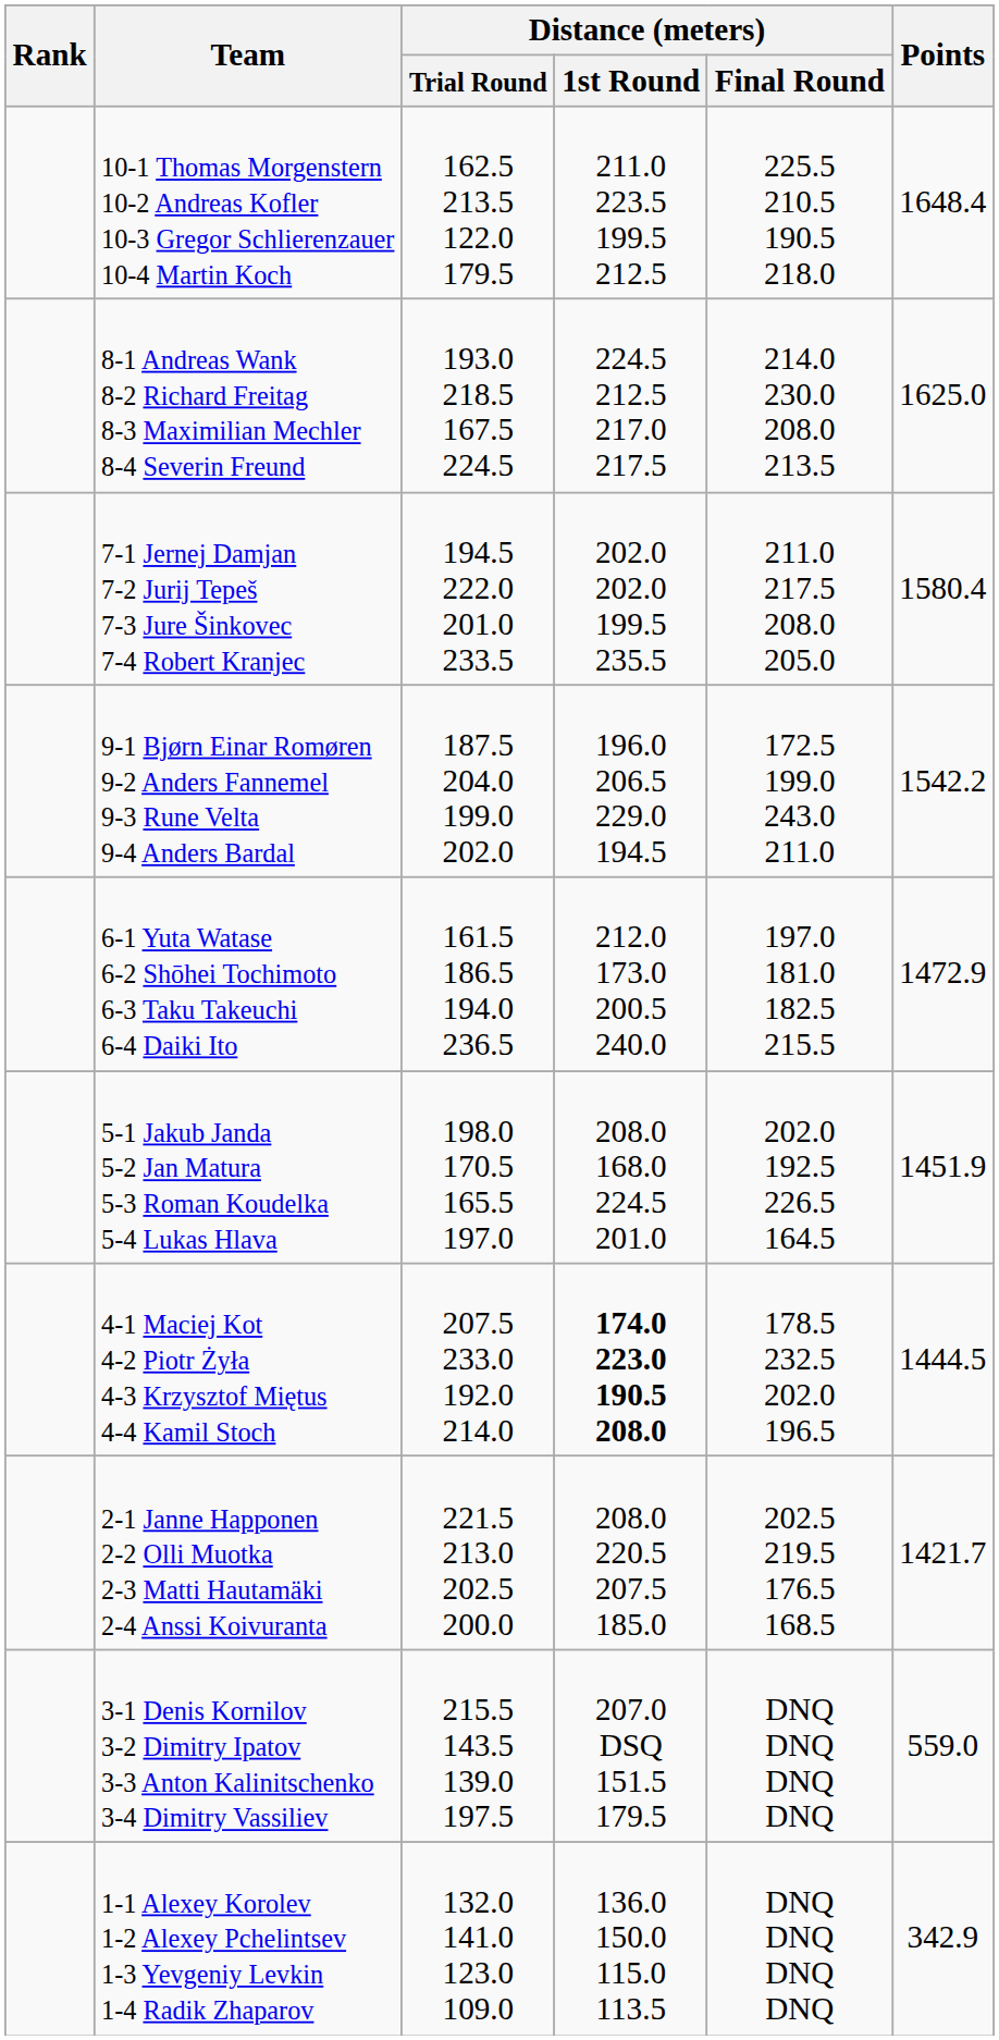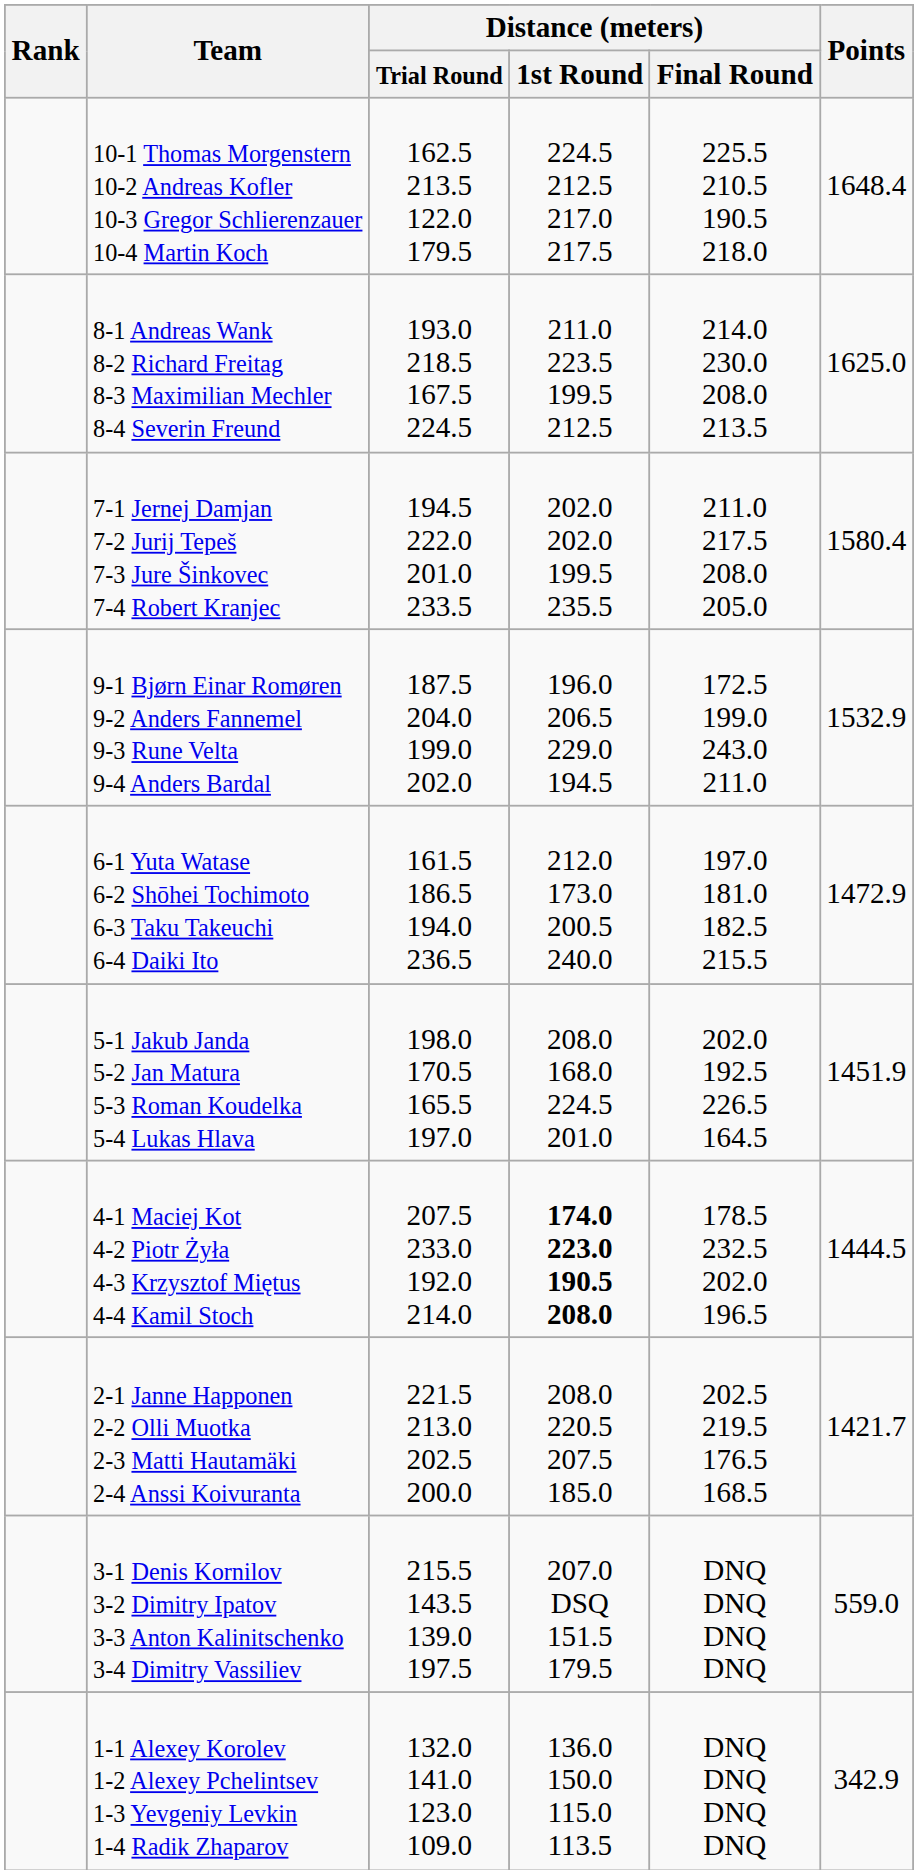 <table class="wikitable sortable" style="text-align:center">
 <tr>
 <th rowspan=2>Rank</th>
 <th rowspan=2>Team</th>
 <th colspan=3>Distance (meters)</th>
 <th rowspan=2>Points <br></th>
 </tr>
 <tr>
 <th><small>Trial Round</small></th>
 <th><strong>1st Round</strong></th>
 <th><strong>Final Round</strong></th>
 </tr>
 <tr>
 <td></td>
 <td align=left><strong></strong><br><small>10-1 <a href='#'>Thomas Morgenstern</a></small><br><small>10-2 <a href='#'>Andreas Kofler</a></small><br><small>10-3 <a href='#'>Gregor Schlierenzauer</a></small><br><small>10-4 <a href='#'>Martin Koch</a></small></td>
 <td align=center><br>162.5<br>213.5<br>122.0<br>179.5</td>
-<td><br>211.0<br>223.5<br>199.5<br>212.5</td>
+<td align=center><br>224.5<br>212.5<br>217.0<br>217.5</td>
 <td align=center><br>225.5<br>210.5<br>190.5<br>218.0</td>
 <td>1648.4</td>
 </tr>
 <tr>
 <td></td>
 <td align=left><strong></strong><br><small>8-1 <a href='#'>Andreas Wank</a></small><br><small>8-2 <a href='#'>Richard Freitag</a></small><br><small>8-3 <a href='#'>Maximilian Mechler</a></small><br><small>8-4 <a href='#'>Severin Freund</a></small></td>
 <td><br>193.0<br>218.5<br>167.5<br>224.5</td>
-<td align=center><br>224.5<br>212.5<br>217.0<br>217.5</td>
+<td><br>211.0<br>223.5<br>199.5<br>212.5</td>
 <td align=center><br>214.0<br>230.0<br>208.0<br>213.5</td>
 <td>1625.0</td>
 </tr>
 <tr>
 <td></td>
 <td align=left><strong></strong><br><small>7-1 <a href='#'>Jernej Damjan</a></small><br><small>7-2 <a href='#'>Jurij Tepeš</a></small><br><small>7-3 <a href='#'>Jure Šinkovec</a></small><br><small>7-4 <a href='#'>Robert Kranjec</a></small></td>
 <td><br>194.5<br>222.0<br>201.0<br>233.5</td>
 <td><br>202.0<br>202.0<br>199.5<br>235.5</td>
 <td align=center><br>211.0<br>217.5<br>208.0<br>205.0</td>
 <td>1580.4</td>
 </tr>
 <tr>
 <td></td>
 <td align=left><strong></strong><br><small>9-1 <a href='#'>Bjørn Einar Romøren</a></small><br><small>9-2 <a href='#'>Anders Fannemel</a></small><br><small>9-3 <a href='#'>Rune Velta</a></small><br><small>9-4 <a href='#'>Anders Bardal</a></small></td>
 <td align=center><br>187.5<br>204.0<br>199.0<br>202.0</td>
 <td align=center><br>196.0<br>206.5<br>229.0<br>194.5</td>
 <td align=center><br>172.5<br>199.0<br>243.0<br>211.0</td>
-<td>1542.2</td>
+<td>1532.9</td>
 </tr>
 <tr>
 <td></td>
 <td align=left><strong></strong><br><small>6-1 <a href='#'>Yuta Watase</a></small><br><small>6-2 <a href='#'>Shōhei Tochimoto</a></small><br><small>6-3 <a href='#'>Taku Takeuchi</a></small><br><small>6-4 <a href='#'>Daiki Ito</a></small></td>
 <td align=center><br>161.5<br>186.5<br>194.0<br>236.5</td>
 <td align=center><br>212.0<br>173.0<br>200.5<br>240.0</td>
 <td align=center><br>197.0<br>181.0<br>182.5<br>215.5</td>
 <td>1472.9</td>
 </tr>
 <tr>
 <td></td>
 <td align=left><strong></strong><br><small>5-1 <a href='#'>Jakub Janda</a></small><br><small>5-2 <a href='#'>Jan Matura</a></small><br><small>5-3 <a href='#'>Roman Koudelka</a></small><br><small>5-4 <a href='#'>Lukas Hlava</a></small></td>
 <td align=center><br>198.0<br>170.5<br>165.5<br>197.0</td>
 <td align=center><br>208.0<br>168.0<br>224.5<br>201.0</td>
 <td align=center><br>202.0<br>192.5<br>226.5<br>164.5</td>
 <td>1451.9</td>
 </tr>
 <tr>
 <td></td>
 <td align=left><strong></strong><br><small>4-1 <a href='#'>Maciej Kot</a></small><br><small>4-2 <a href='#'>Piotr Żyła</a></small><br><small>4-3 <a href='#'>Krzysztof Miętus</a></small><br><small>4-4 <a href='#'>Kamil Stoch</a></small></td>
 <td><br>207.5<br>233.0<br>192.0<br>214.0</td>
 <td align=center><strong><br>174.0<br>223.0<br>190.5<br>208.0</strong></td>
 <td align=center><br>178.5<br>232.5<br>202.0<br>196.5</td>
 <td>1444.5</td>
 </tr>
 <tr>
 <td></td>
 <td align=left><strong></strong><br><small>2-1 <a href='#'>Janne Happonen</a> </small><br><small>2-2 <a href='#'>Olli Muotka</a></small><br><small>2-3 <a href='#'>Matti Hautamäki</a></small><br><small>2-4 <a href='#'>Anssi Koivuranta</a></small></td>
 <td align=center><br>221.5<br>213.0<br>202.5<br>200.0</td>
 <td align=center><br>208.0<br>220.5<br>207.5<br>185.0</td>
 <td align=center><br>202.5<br>219.5<br>176.5<br>168.5</td>
 <td>1421.7</td>
 </tr>
 <tr>
 <td></td>
 <td align=left><strong></strong><br><small>3-1 <a href='#'>Denis Kornilov</a></small><br><small>3-2 <a href='#'>Dimitry Ipatov</a></small><br><small>3-3 <a href='#'>Anton Kalinitschenko</a></small><br><small>3-4 <a href='#'>Dimitry Vassiliev</a></small></td>
 <td><br>215.5<br>143.5<br>139.0<br>197.5</td>
 <td><br>207.0<br>DSQ<br>151.5<br>179.5</td>
 <td align=center><br>DNQ<br>DNQ<br>DNQ<br>DNQ</td>
 <td>559.0</td>
 </tr>
 <tr>
 <td></td>
 <td align=left><strong></strong><br><small>1-1 <a href='#'>Alexey Korolev</a></small><br><small>1-2 <a href='#'>Alexey Pchelintsev</a></small><br><small>1-3 <a href='#'>Yevgeniy Levkin</a></small><br><small>1-4 <a href='#'>Radik Zhaparov</a></small></td>
 <td><br>132.0<br>141.0<br>123.0<br>109.0</td>
 <td><br>136.0<br>150.0<br>115.0<br>113.5</td>
 <td align=center><br>DNQ<br>DNQ<br>DNQ<br>DNQ</td>
 <td>342.9</td>
 </tr>
 </table>
